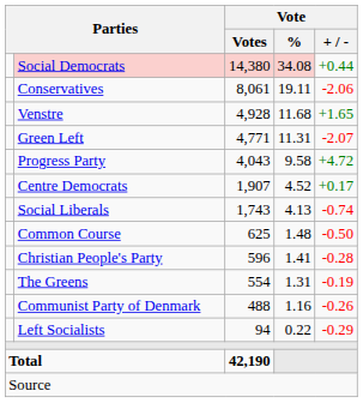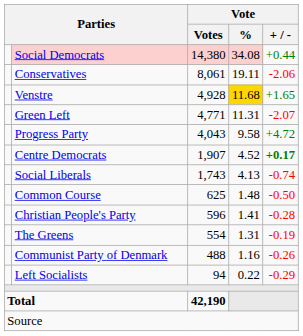 <table class="wikitable" style="text-align:right;">
 <tr>
 <th style="text-align:centre;" rowspan="2" colspan="2" width="225">Parties</th>
 <th colspan="3">Vote</th>
 </tr>
 <tr>
 <th width="15">Votes</th>
 <th width="15">%</th>
 <th width="15">+ / -</th>
 </tr>
 <tr>
 <td width="2" style="color:inherit;background:"></td>
 <td bgcolor=#fbd0ce  align="left"><a href='#'>Social Democrats</a></td>
 <td bgcolor=#fbd0ce>14,380</td>
 <td bgcolor=#fbd0ce>34.08</td>
 <td style=color:green;>+0.44</td>
 </tr>
 <tr>
 <td width="2" style="color:inherit;background:"></td>
 <td align="left"><a href='#'>Conservatives</a></td>
 <td>8,061</td>
 <td>19.11</td>
 <td style=color:red;>-2.06</td>
 </tr>
 <tr>
 <td width="2" style="color:inherit;background:"></td>
 <td align="left"><a href='#'>Venstre</a></td>
 <td>4,928</td>
-<td>11.68</td>
+<td style="background: gold;">11.68</td>
 <td style=color:green;>+1.65</td>
 </tr>
 <tr>
 <td width="2" style="color:inherit;background:"></td>
 <td align="left"><a href='#'>Green Left</a></td>
 <td>4,771</td>
 <td>11.31</td>
 <td style=color:red;>-2.07</td>
 </tr>
 <tr>
 <td width="2" style="color:inherit;background:"></td>
 <td align="left"><a href='#'>Progress Party</a></td>
 <td>4,043</td>
 <td>9.58</td>
 <td style=color:green;>+4.72</td>
 </tr>
 <tr>
 <td width="2" style="color:inherit;background:"></td>
 <td align="left"><a href='#'>Centre Democrats</a></td>
 <td>1,907</td>
 <td>4.52</td>
-<td style=color:green;>+0.17</td>
+<td style=color:green;><strong>+0.17</strong></td>
 </tr>
 <tr>
 <td width="2" style="color:inherit;background:"></td>
 <td align="left"><a href='#'>Social Liberals</a></td>
 <td>1,743</td>
 <td>4.13</td>
 <td style=color:red;>-0.74</td>
 </tr>
 <tr>
 <td width="2" style="color:inherit;background:"></td>
 <td align="left"><a href='#'>Common Course</a></td>
 <td>625</td>
 <td>1.48</td>
 <td style=color:red;>-0.50</td>
 </tr>
 <tr>
 <td width="2" style="color:inherit;background:"></td>
 <td align="left"><a href='#'>Christian People's Party</a></td>
 <td>596</td>
 <td>1.41</td>
 <td style=color:red;>-0.28</td>
 </tr>
 <tr>
 <td width="2" style="color:inherit;background:"></td>
 <td align="left"><a href='#'>The Greens</a></td>
 <td>554</td>
 <td>1.31</td>
 <td style=color:red;>-0.19</td>
 </tr>
 <tr>
 <td width="2" style="color:inherit;background:"></td>
 <td align="left"><a href='#'>Communist Party of Denmark</a></td>
 <td>488</td>
 <td>1.16</td>
 <td style=color:red;>-0.26</td>
 </tr>
 <tr>
 <td width="2" style="color:inherit;background:"></td>
 <td align="left"><a href='#'>Left Socialists</a></td>
 <td>94</td>
 <td>0.22</td>
 <td style=color:red;>-0.29</td>
 </tr>
 <tr>
 <td colspan="7" bgcolor="#E9E9E9"></td>
 </tr>
 <tr>
 <td align="left" colspan="2"><strong>Total</strong></td>
 <td><strong>42,190</strong></td>
 <td bgcolor="#E9E9E9" colspan="2"></td>
 </tr>
 <tr>
 <td align="left" colspan="6">Source</td>
 </tr>
 </table>
